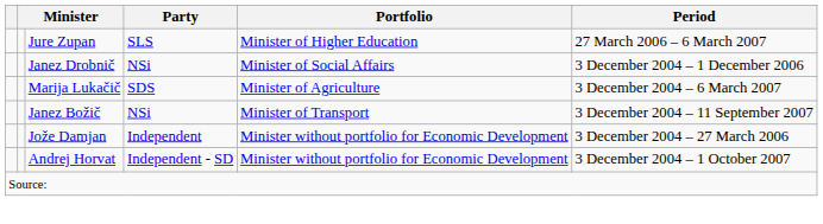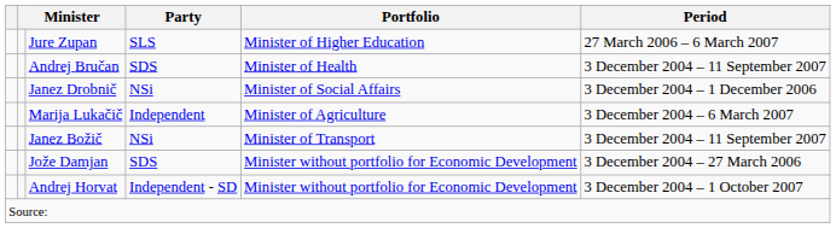 <table class="wikitable">
 <tr>
 <th colspan="1" width=6px></th>
 <th colspan="2">Minister</th>
 <th>Party</th>
 <th>Portfolio</th>
 <th>Period</th>
 </tr>
 <tr>
 <td style="background-color: "></td>
 <td></td>
 <td><a href='#'>Jure Zupan</a></td>
 <td><a href='#'>SLS</a></td>
 <td><a href='#'>Minister of Higher Education</a></td>
 <td>27 March 2006 – 6 March 2007</td>
 </tr>
 <tr>
 <td style="background-color: "></td>
 <td></td>
+<td><a href='#'>Andrej Bručan</a></td>
+<td><a href='#'>SDS</a></td>
+<td><a href='#'>Minister of Health</a></td>
+<td>3 December 2004 – 11 September 2007</td>
+</tr>
+<tr>
+<td style="background-color: "></td>
+<td></td>
 <td><a href='#'>Janez Drobnič</a></td>
 <td><a href='#'>NSi</a></td>
 <td><a href='#'>Minister of Social Affairs</a></td>
 <td>3 December 2004 – 1 December 2006</td>
 </tr>
 <tr>
 <td style="background-color: "></td>
 <td></td>
 <td><a href='#'>Marija Lukačič</a></td>
-<td><a href='#'>SDS</a></td>
+<td><a href='#'>Independent</a></td>
 <td><a href='#'>Minister of Agriculture</a></td>
 <td>3 December 2004 – 6 March 2007</td>
 </tr>
 <tr>
 <td style="background-color: "></td>
 <td></td>
 <td><a href='#'>Janez Božič</a></td>
 <td><a href='#'>NSi</a></td>
 <td><a href='#'>Minister of Transport</a></td>
 <td>3 December 2004 – 11 September 2007</td>
 </tr>
 <tr>
 <td style="background-color: "></td>
 <td></td>
 <td><a href='#'>Jože Damjan</a></td>
-<td><a href='#'>Independent</a></td>
+<td><a href='#'>SDS</a></td>
 <td><a href='#'>Minister without portfolio for Economic Development</a></td>
 <td>3 December 2004 – 27 March 2006</td>
 </tr>
 <tr>
 <td style="background-color: "></td>
 <td></td>
 <td><a href='#'>Andrej Horvat</a></td>
 <td><a href='#'>Independent</a> - <a href='#'>SD</a></td>
 <td><a href='#'>Minister without portfolio for Economic Development</a></td>
 <td>3 December 2004 – 1 October 2007</td>
 </tr>
 <tr>
 <td colspan=6><small>Source: </small></td>
 </tr>
 </table>
